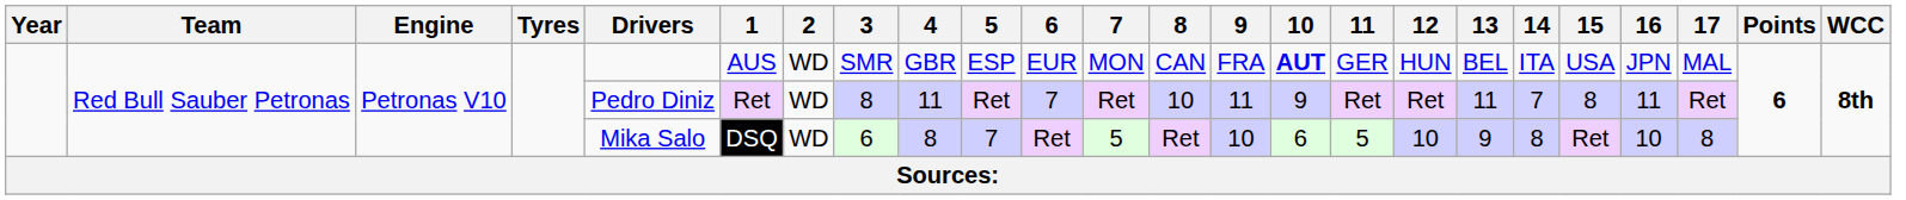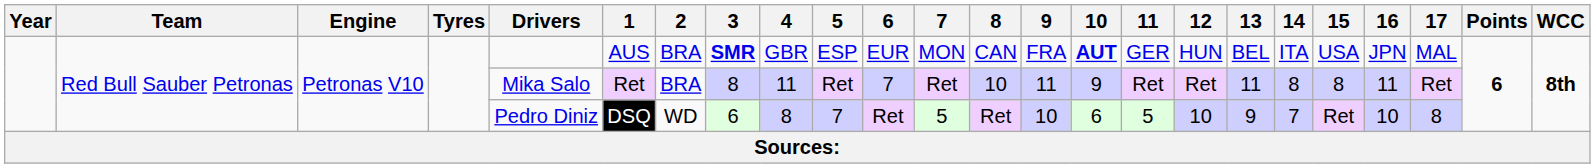 <table class="wikitable" style="text-align:center; font-size:95%">
 <tr>
 <th>Year</th>
 <th>Team</th>
 <th>Engine</th>
 <th>Tyres</th>
 <th>Drivers</th>
 <th>1</th>
 <th>2</th>
 <th>3</th>
 <th>4</th>
 <th>5</th>
 <th>6</th>
 <th>7</th>
 <th>8</th>
 <th>9</th>
 <th>10</th>
 <th>11</th>
 <th>12</th>
 <th>13</th>
 <th>14</th>
 <th>15</th>
 <th>16</th>
 <th>17</th>
 <th>Points</th>
 <th>WCC</th>
 </tr>
 <tr>
 <td rowspan="3"></td>
 <td rowspan="3"><a href='#'>Red Bull</a> <a href='#'>Sauber</a> <a href='#'>Petronas</a></td>
 <td rowspan="3"><a href='#'>Petronas</a> <a href='#'>V10</a></td>
 <td rowspan="3"></td>
 <td></td>
 <td><a href='#'>AUS</a></td>
-<td>WD</td>
-<td><a href='#'>SMR</a></td>
+<td><a href='#'>BRA</a></td>
+<td><strong><a href='#'>SMR</a></strong></td>
 <td><a href='#'>GBR</a></td>
 <td><a href='#'>ESP</a></td>
 <td><a href='#'>EUR</a></td>
 <td><a href='#'>MON</a></td>
 <td><a href='#'>CAN</a></td>
 <td><a href='#'>FRA</a></td>
 <td><strong><a href='#'>AUT</a></strong></td>
 <td><a href='#'>GER</a></td>
 <td><a href='#'>HUN</a></td>
 <td><a href='#'>BEL</a></td>
 <td><a href='#'>ITA</a></td>
 <td><a href='#'>USA</a></td>
 <td><a href='#'>JPN</a></td>
 <td><a href='#'>MAL</a></td>
 <td rowspan="3"><strong>6</strong></td>
 <td rowspan="3"><strong>8th</strong></td>
 </tr>
 <tr>
-<td> <a href='#'>Pedro Diniz</a></td>
+<td> <a href='#'>Mika Salo</a></td>
 <td style="background:#EFCFFF;">Ret</td>
-<td>WD</td>
+<td><a href='#'>BRA</a></td>
 <td style="background:#CFCFFF;">8</td>
 <td style="background:#CFCFFF;">11</td>
 <td style="background:#EFCFFF;">Ret</td>
 <td style="background:#CFCFFF;">7</td>
 <td style="background:#EFCFFF;">Ret</td>
 <td style="background:#CFCFFF;">10</td>
 <td style="background:#CFCFFF;">11</td>
 <td style="background:#CFCFFF;">9</td>
 <td style="background:#EFCFFF;">Ret</td>
 <td style="background:#EFCFFF;">Ret</td>
 <td style="background:#CFCFFF;">11</td>
-<td style="background:#CFCFFF;">7</td>
+<td style="background:#CFCFFF;">8</td>
 <td style="background:#CFCFFF;">8</td>
 <td style="background:#CFCFFF;">11</td>
 <td style="background:#EFCFFF;">Ret</td>
 </tr>
 <tr>
-<td> <a href='#'>Mika Salo</a></td>
+<td> <a href='#'>Pedro Diniz</a></td>
 <td style="background:#000000; color:white">DSQ</td>
 <td>WD</td>
 <td style="background:#DFFFDF;">6</td>
 <td style="background:#CFCFFF;">8</td>
 <td style="background:#CFCFFF;">7</td>
 <td style="background:#EFCFFF;">Ret</td>
 <td style="background:#DFFFDF;">5</td>
 <td style="background:#EFCFFF;">Ret</td>
 <td style="background:#CFCFFF;">10</td>
 <td style="background:#DFFFDF;">6</td>
 <td style="background:#DFFFDF;">5</td>
 <td style="background:#CFCFFF;">10</td>
 <td style="background:#CFCFFF;">9</td>
-<td style="background:#CFCFFF;">8</td>
+<td style="background:#CFCFFF;">7</td>
 <td style="background:#EFCFFF;">Ret</td>
 <td style="background:#CFCFFF;">10</td>
 <td style="background:#CFCFFF;">8</td>
 </tr>
 <tr>
 <th colspan="24">Sources:</th>
 </tr>
 </table>
